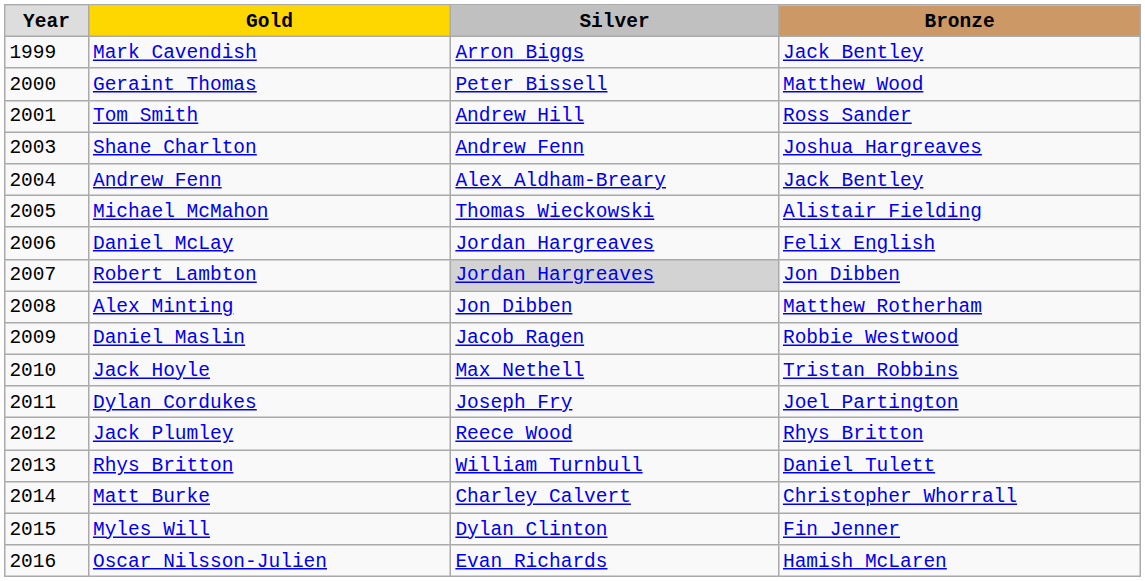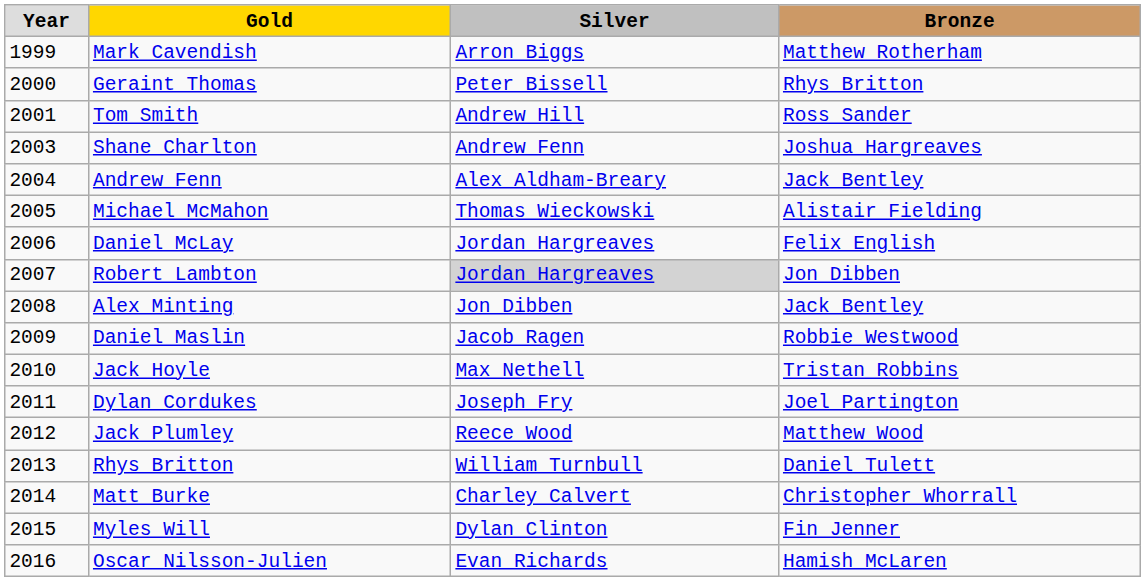 <table class="wikitable" style="width: 60%; text-align:left;">
 <tr style="text-align:center; font-weight:bold;">
 <td style="background:#ddd; ">Year</td>
 <td style="background:gold; ">Gold</td>
 <td style="background:silver; ">Silver</td>
 <td style="background:#c96; ">Bronze</td>
 </tr>
 <tr>
 <td>1999</td>
 <td><a href='#'>Mark Cavendish</a></td>
 <td><a href='#'>Arron Biggs</a></td>
-<td><a href='#'>Jack Bentley</a></td>
+<td><a href='#'>Matthew Rotherham</a></td>
 </tr>
 <tr>
 <td>2000</td>
 <td><a href='#'>Geraint Thomas</a></td>
 <td><a href='#'>Peter Bissell</a></td>
-<td><a href='#'>Matthew Wood</a></td>
+<td><a href='#'>Rhys Britton</a></td>
 </tr>
 <tr>
 <td>2001</td>
 <td><a href='#'>Tom Smith</a></td>
 <td><a href='#'>Andrew Hill</a></td>
 <td><a href='#'>Ross Sander</a></td>
 </tr>
 <tr>
 <td>2003</td>
 <td><a href='#'>Shane Charlton</a></td>
 <td><a href='#'>Andrew Fenn</a></td>
 <td><a href='#'>Joshua Hargreaves</a></td>
 </tr>
 <tr>
 <td>2004</td>
 <td><a href='#'>Andrew Fenn</a></td>
 <td><a href='#'>Alex Aldham-Breary</a></td>
 <td><a href='#'>Jack Bentley</a></td>
 </tr>
 <tr>
 <td>2005</td>
 <td><a href='#'>Michael McMahon</a></td>
 <td><a href='#'>Thomas Wieckowski</a></td>
 <td><a href='#'>Alistair Fielding</a></td>
 </tr>
 <tr>
 <td>2006</td>
 <td><a href='#'>Daniel McLay</a></td>
 <td><a href='#'>Jordan Hargreaves</a></td>
 <td><a href='#'>Felix English</a></td>
 </tr>
 <tr>
 <td>2007</td>
 <td><a href='#'>Robert Lambton</a></td>
 <td style="background: lightgrey;"><a href='#'>Jordan Hargreaves</a></td>
 <td><a href='#'>Jon Dibben</a></td>
 </tr>
 <tr>
 <td>2008</td>
 <td><a href='#'>Alex Minting</a></td>
 <td><a href='#'>Jon Dibben</a></td>
-<td><a href='#'>Matthew Rotherham</a></td>
+<td><a href='#'>Jack Bentley</a></td>
 </tr>
 <tr>
 <td>2009</td>
 <td><a href='#'>Daniel Maslin</a></td>
 <td><a href='#'>Jacob Ragen</a></td>
 <td><a href='#'>Robbie Westwood</a></td>
 </tr>
 <tr>
 <td>2010</td>
 <td><a href='#'>Jack Hoyle</a></td>
 <td><a href='#'>Max Nethell</a></td>
 <td><a href='#'>Tristan Robbins</a></td>
 </tr>
 <tr>
 <td>2011</td>
 <td><a href='#'>Dylan Cordukes</a></td>
 <td><a href='#'>Joseph Fry</a></td>
 <td><a href='#'>Joel Partington</a></td>
 </tr>
 <tr>
 <td>2012</td>
 <td><a href='#'>Jack Plumley</a></td>
 <td><a href='#'>Reece Wood</a></td>
-<td><a href='#'>Rhys Britton</a></td>
+<td><a href='#'>Matthew Wood</a></td>
 </tr>
 <tr>
 <td>2013</td>
 <td><a href='#'>Rhys Britton</a></td>
 <td><a href='#'>William Turnbull</a></td>
 <td><a href='#'>Daniel Tulett</a></td>
 </tr>
 <tr>
 <td>2014</td>
 <td><a href='#'>Matt Burke</a></td>
 <td><a href='#'>Charley Calvert</a></td>
 <td><a href='#'>Christopher Whorrall</a></td>
 </tr>
 <tr>
 <td>2015</td>
 <td><a href='#'>Myles Will</a></td>
 <td><a href='#'>Dylan Clinton</a></td>
 <td><a href='#'>Fin Jenner</a></td>
 </tr>
 <tr>
 <td>2016</td>
 <td><a href='#'>Oscar Nilsson-Julien</a></td>
 <td><a href='#'>Evan Richards</a></td>
 <td><a href='#'>Hamish McLaren</a></td>
 </tr>
 </table>
